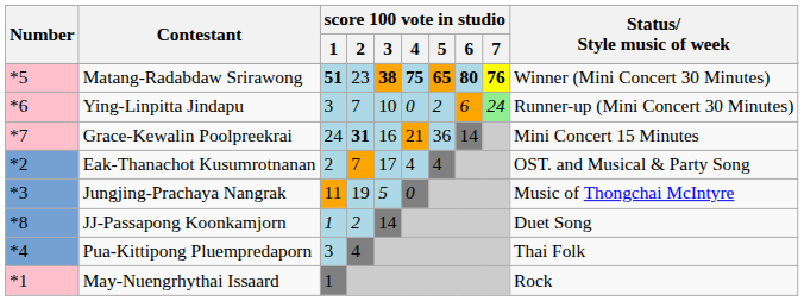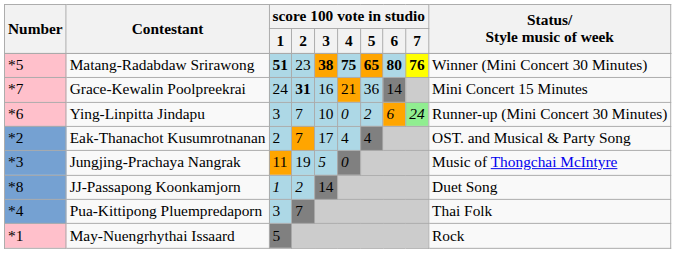 <table class="wikitable">
 <tr>
 <th rowspan=2>Number</th>
 <th rowspan=2>Contestant</th>
 <th colspan=7>score 100 vote in studio</th>
 <th rowspan=2>Status/<br>Style music of week</th>
 </tr>
 <tr>
 <th>1</th>
 <th>2</th>
 <th>3</th>
 <th>4</th>
 <th>5</th>
 <th>6</th>
 <th>7</th>
 </tr>
 <tr>
 </tr>
 <tr>
 <td style="background:pink;">*5</td>
 <td>Matang-Radabdaw Srirawong</td>
 <td bgcolor="lightblue"><span><strong>51</strong></span></td>
 <td bgcolor="lightblue">23</td>
 <td bgcolor = "orange"><span><strong>38</strong></span></td>
 <td bgcolor="lightblue"><span><strong>75</strong></span></td>
 <td bgcolor = "orange"><span><strong>65</strong></span></td>
 <td bgcolor="lightblue"><span><strong>80</strong></span></td>
 <td bgcolor="yellow"><span><strong>76</strong></span></td>
 <td>Winner (Mini Concert 30 Minutes)</td>
 </tr>
 <tr>
+<td style="background:pink;">*7</td>
+<td>Grace-Kewalin Poolpreekrai</td>
+<td bgcolor="lightblue">24</td>
+<td bgcolor="lightblue"><span><strong>31</strong></span></td>
+<td bgcolor="lightblue">16</td>
+<td bgcolor="orange">21</td>
+<td bgcolor="lightblue">36</td>
+<td bgcolor = "gray">14</td>
+<td style="background:#CCCCCC;"></td>
+<td>Mini Concert 15 Minutes</td>
+</tr>
+<tr>
 <td style="background:pink;">*6</td>
 <td>Ying-Linpitta Jindapu</td>
 <td bgcolor="lightblue">3</td>
 <td bgcolor="lightblue">7</td>
 <td bgcolor="lightblue">10</td>
 <td bgcolor="lightblue"><span><em>0</em></span></td>
 <td bgcolor="lightblue"><span><em>2</em></span></td>
 <td bgcolor = "orange"><span><em>6</em></span></td>
 <td bgcolor="lightgreen"><span><em>24</em></span></td>
 <td>Runner-up (Mini Concert 30 Minutes)</td>
-</tr>
-<tr>
-<td style="background:pink;">*7</td>
-<td>Grace-Kewalin Poolpreekrai</td>
-<td bgcolor="lightblue">24</td>
-<td bgcolor="lightblue"><span><strong>31</strong></span></td>
-<td bgcolor="lightblue">16</td>
-<td bgcolor="orange">21</td>
-<td bgcolor="lightblue">36</td>
-<td bgcolor = "gray">14</td>
-<td style="background:#CCCCCC;"></td>
-<td>Mini Concert 15 Minutes</td>
 </tr>
 <tr>
 <td style="background:#75A1D2">*2</td>
 <td>Eak-Thanachot Kusumrotnanan</td>
 <td bgcolor="lightblue">2</td>
 <td bgcolor = "orange">7</td>
 <td bgcolor="lightblue">17</td>
 <td bgcolor="lightblue">4</td>
 <td bgcolor = "gray">4</td>
 <td style="background:#CCCCCC;" colspan=" 2 "></td>
 <td>OST. and Musical & Party Song</td>
 </tr>
 <tr>
 <td style="background:#75A1D2">*3</td>
 <td>Jungjing-Prachaya Nangrak</td>
 <td bgcolor = "orange">11</td>
 <td bgcolor="lightblue">19</td>
 <td bgcolor="lightblue"><span><em>5</em></span></td>
 <td bgcolor = "gray"><span><em>0</em></span></td>
 <td style="background:#CCCCCC;" colspan=" 3 "></td>
 <td>Music of <a href='#'>Thongchai McIntyre</a></td>
 </tr>
 <tr>
 <td style="background:#75A1D2">*8</td>
 <td>JJ-Passapong Koonkamjorn</td>
 <td bgcolor="lightblue"><span><em>1</em></span></td>
 <td bgcolor="lightblue"><span><em>2</em></span></td>
 <td bgcolor = "gray">14</td>
 <td style="background:#CCCCCC;" colspan=" 4 "></td>
 <td>Duet Song</td>
 </tr>
 <tr>
 <td style="background:#75A1D2">*4</td>
 <td>Pua-Kittipong Pluempredaporn</td>
 <td bgcolor="lightblue">3</td>
-<td bgcolor = "gray">4</td>
+<td bgcolor = "gray">7</td>
 <td style="background:#CCCCCC;" colspan=" 5 "></td>
 <td>Thai Folk</td>
 </tr>
 <tr>
 <td style="background:pink;">*1</td>
 <td>May-Nuengrhythai Issaard</td>
-<td bgcolor = "gray">1</td>
+<td bgcolor = "gray">5</td>
 <td style="background:#CCCCCC;" colspan=" 6 "></td>
 <td>Rock</td>
 </tr>
 </table>
